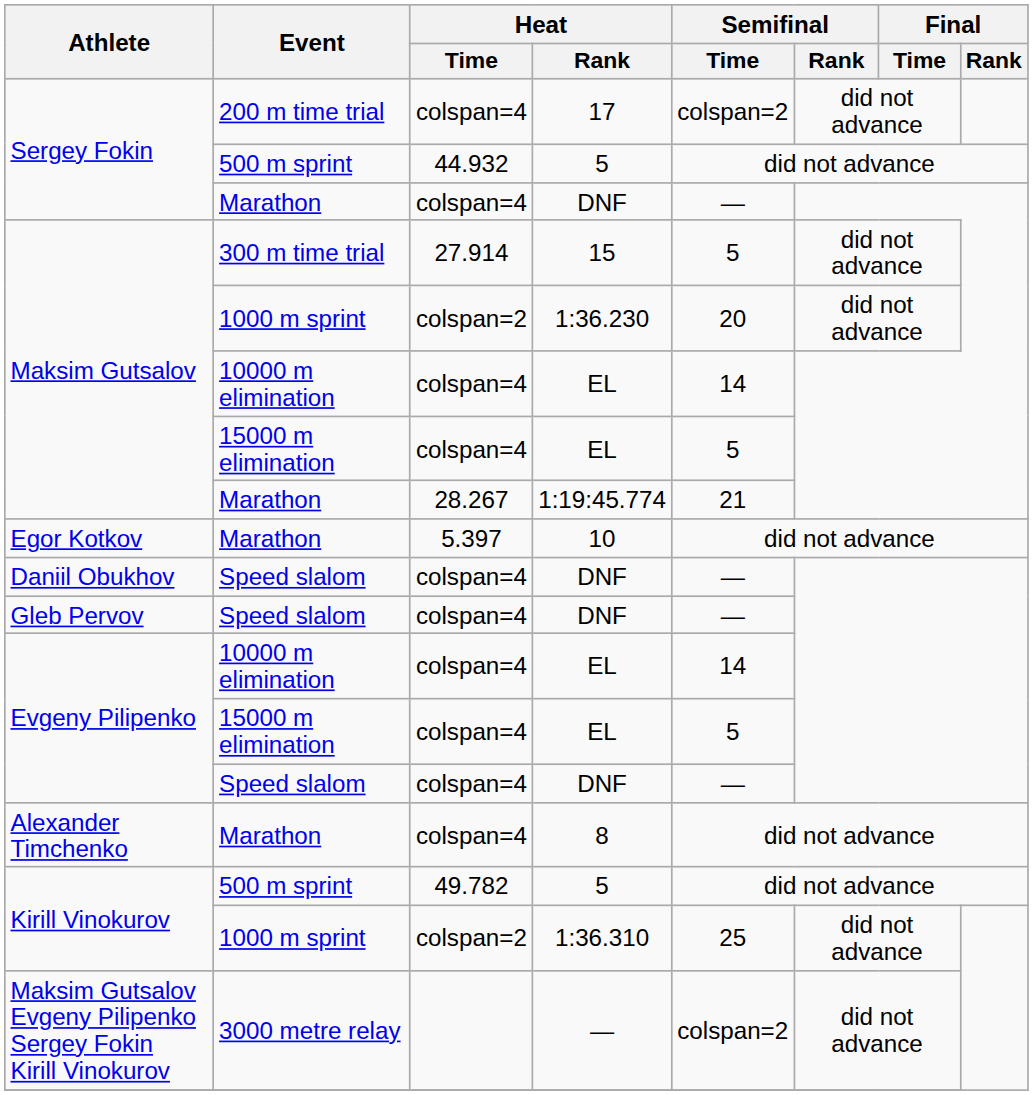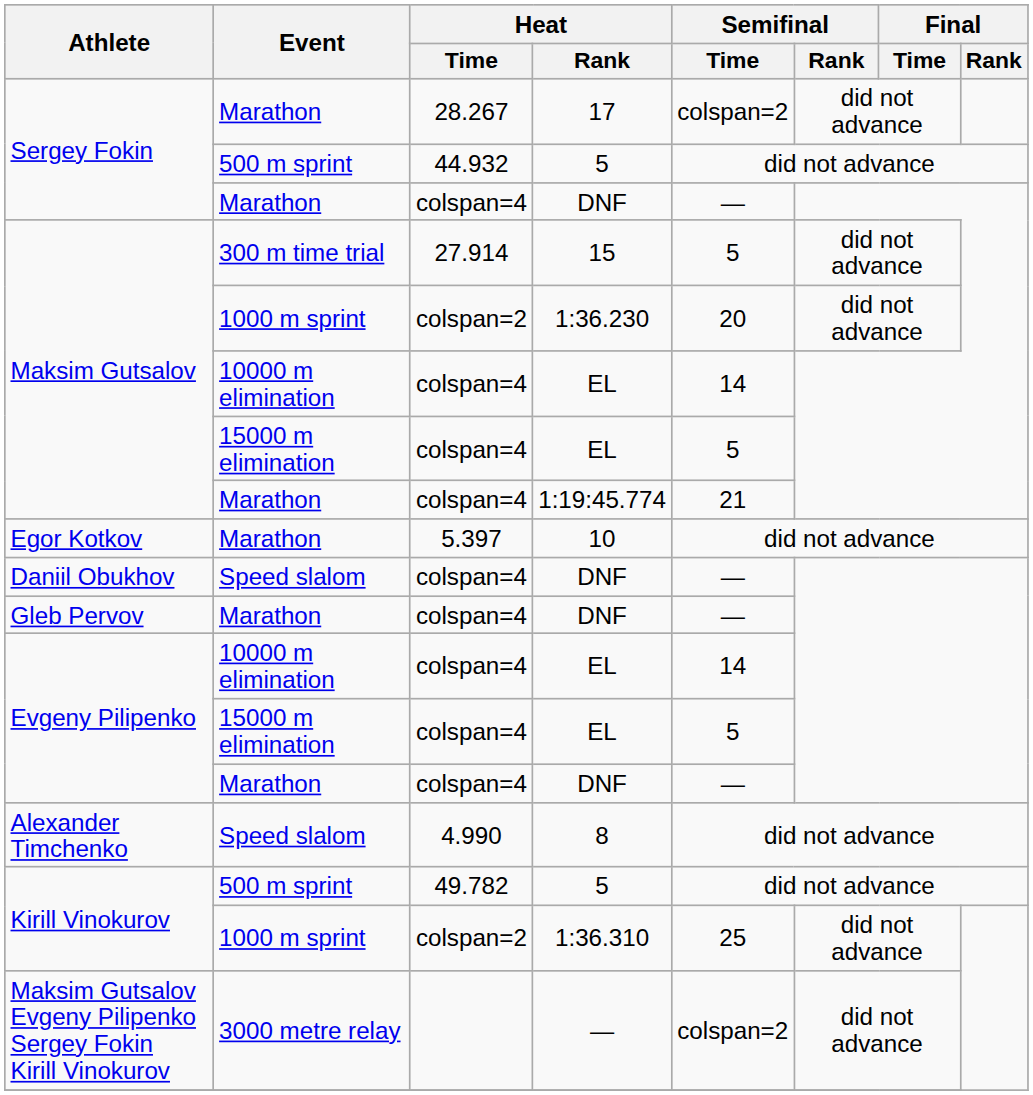 <table class="wikitable" style="text-align:center; font-size:90%">
 <tr>
 <th rowspan=2>Athlete</th>
 <th rowspan=2>Event</th>
 <th colspan=2>Heat</th>
 <th colspan=2>Semifinal</th>
 <th colspan=2>Final</th>
 </tr>
 <tr style="font-size:95%">
 <th>Time</th>
 <th>Rank</th>
 <th>Time</th>
 <th>Rank</th>
 <th>Time</th>
 <th>Rank</th>
 </tr>
 <tr>
 <td align=left rowspan=3><a href='#'>Sergey Fokin</a></td>
-<td align=left><a href='#'>200 m time trial</a></td>
-<td>colspan=4</td>
+<td align=left><a href='#'>Marathon</a></td>
+<td>28.267</td>
 <td>17</td>
 <td>colspan=2</td>
 <td colspan=2>did not advance</td>
 </tr>
 <tr>
 <td align=left><a href='#'>500 m sprint</a></td>
 <td>44.932</td>
 <td>5</td>
 <td colspan=4>did not advance</td>
 </tr>
 <tr>
 <td align=left><a href='#'>Marathon</a></td>
 <td>colspan=4</td>
 <td>DNF</td>
 <td>—</td>
 </tr>
 <tr>
 <td align=left rowspan=5><a href='#'>Maksim Gutsalov</a></td>
 <td align=left><a href='#'>300 m time trial</a></td>
 <td>27.914</td>
 <td>15</td>
 <td>5</td>
 <td colspan=2>did not advance</td>
 </tr>
 <tr>
 <td align=left><a href='#'>1000 m sprint</a></td>
 <td>colspan=2</td>
 <td>1:36.230</td>
 <td>20</td>
 <td colspan=2>did not advance</td>
 </tr>
 <tr>
 <td align=left><a href='#'>10000 m elimination</a></td>
 <td>colspan=4</td>
 <td>EL</td>
 <td>14</td>
 </tr>
 <tr>
 <td align=left><a href='#'>15000 m elimination</a></td>
 <td>colspan=4</td>
 <td>EL</td>
 <td>5</td>
 </tr>
 <tr>
 <td align=left><a href='#'>Marathon</a></td>
-<td>28.267</td>
+<td>colspan=4</td>
 <td>1:19:45.774</td>
 <td>21</td>
 </tr>
 <tr>
 <td align=left><a href='#'>Egor Kotkov</a></td>
 <td align=left><a href='#'>Marathon</a></td>
 <td>5.397</td>
 <td>10</td>
 <td colspan=4>did not advance</td>
 </tr>
 <tr>
 <td align=left><a href='#'>Daniil Obukhov</a></td>
 <td align=left><a href='#'>Speed slalom</a></td>
 <td>colspan=4</td>
 <td>DNF</td>
 <td>—</td>
 </tr>
 <tr>
 <td align=left><a href='#'>Gleb Pervov</a></td>
-<td align=left><a href='#'>Speed slalom</a></td>
+<td align=left><a href='#'>Marathon</a></td>
 <td>colspan=4</td>
 <td>DNF</td>
 <td>—</td>
 </tr>
 <tr>
 <td align=left rowspan=3><a href='#'>Evgeny Pilipenko</a></td>
 <td align=left><a href='#'>10000 m elimination</a></td>
 <td>colspan=4</td>
 <td>EL</td>
 <td>14</td>
 </tr>
 <tr>
 <td align=left><a href='#'>15000 m elimination</a></td>
 <td>colspan=4</td>
 <td>EL</td>
 <td>5</td>
 </tr>
 <tr>
-<td align=left><a href='#'>Speed slalom</a></td>
+<td align=left><a href='#'>Marathon</a></td>
 <td>colspan=4</td>
 <td>DNF</td>
 <td>—</td>
 </tr>
 <tr>
 <td align=left><a href='#'>Alexander Timchenko</a></td>
-<td align=left><a href='#'>Marathon</a></td>
-<td>colspan=4</td>
+<td align=left><a href='#'>Speed slalom</a></td>
+<td>4.990</td>
 <td>8</td>
 <td colspan=4>did not advance</td>
 </tr>
 <tr>
 <td align=left rowspan=2><a href='#'>Kirill Vinokurov</a></td>
 <td align=left><a href='#'>500 m sprint</a></td>
 <td>49.782</td>
 <td>5</td>
 <td colspan=4>did not advance</td>
 </tr>
 <tr>
 <td align=left><a href='#'>1000 m sprint</a></td>
 <td>colspan=2</td>
 <td>1:36.310</td>
 <td>25</td>
 <td colspan=2>did not advance</td>
 </tr>
 <tr>
 <td align=left><a href='#'>Maksim Gutsalov</a><br><a href='#'>Evgeny Pilipenko</a><br><a href='#'>Sergey Fokin</a><br><a href='#'>Kirill Vinokurov</a></td>
 <td align=left><a href='#'>3000 metre relay</a></td>
 <td></td>
 <td>—</td>
 <td>colspan=2</td>
 <td colspan=2>did not advance</td>
 </tr>
 <tr>
 </tr>
 </table>
